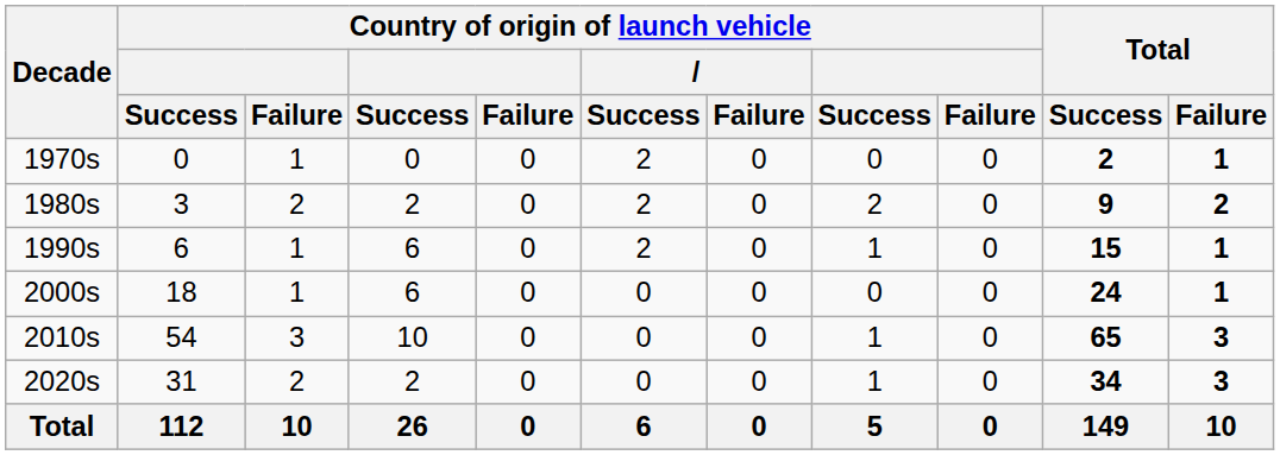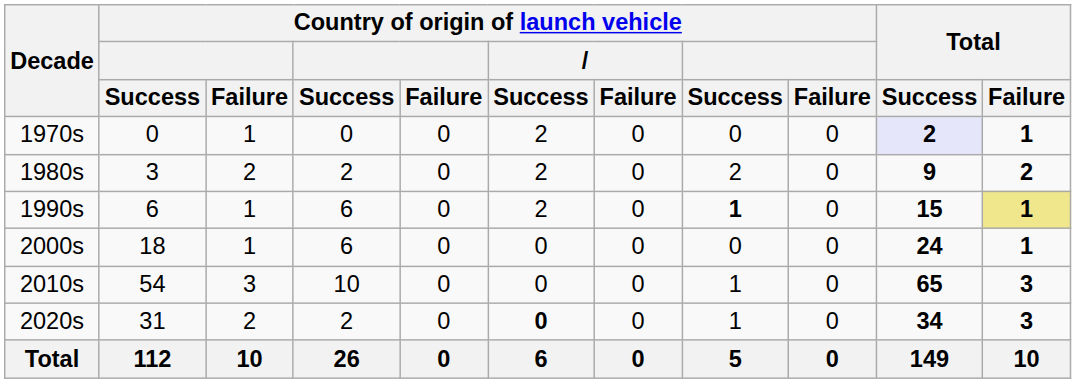 <table class="wikitable sortable sort-under" style="text-align:center">
 <tr>
 <th rowspan="3">Decade</th>
 <th colspan="8">Country of origin of <a href='#'>launch vehicle</a></th>
 <th rowspan="2" colspan="2">Total</th>
 </tr>
 <tr>
 <th colspan="2"></th>
 <th colspan="2"></th>
 <th colspan="2">/<br></th>
 <th colspan="2"></th>
 </tr>
 <tr>
 <th>Success</th>
 <th>Failure</th>
 <th>Success</th>
 <th>Failure</th>
 <th>Success</th>
 <th>Failure</th>
 <th>Success</th>
 <th>Failure</th>
 <th>Success</th>
 <th>Failure</th>
 </tr>
 <tr>
 <td>1970s</td>
 <td>0</td>
 <td>1</td>
 <td>0</td>
 <td>0</td>
 <td>2</td>
 <td>0</td>
 <td>0</td>
 <td>0</td>
-<td><strong>2</strong></td>
+<td style="background: lavender;"><strong>2</strong></td>
 <td><strong>1</strong></td>
 </tr>
 <tr>
 <td>1980s</td>
 <td>3</td>
 <td>2</td>
 <td>2</td>
 <td>0</td>
 <td>2</td>
 <td>0</td>
 <td>2</td>
 <td>0</td>
 <td><strong>9</strong></td>
 <td><strong>2</strong></td>
 </tr>
 <tr>
 <td>1990s</td>
 <td>6</td>
 <td>1</td>
 <td>6</td>
 <td>0</td>
 <td>2</td>
 <td>0</td>
-<td>1</td>
+<td><strong>1</strong></td>
 <td>0</td>
 <td><strong>15</strong></td>
-<td><strong>1</strong></td>
+<td style="background: khaki;"><strong>1</strong></td>
 </tr>
 <tr>
 <td>2000s</td>
 <td>18</td>
 <td>1</td>
 <td>6</td>
 <td>0</td>
 <td>0</td>
 <td>0</td>
 <td>0</td>
 <td>0</td>
 <td><strong>24</strong></td>
 <td><strong>1</strong></td>
 </tr>
 <tr>
 <td>2010s</td>
 <td>54</td>
 <td>3</td>
 <td>10</td>
 <td>0</td>
 <td>0</td>
 <td>0</td>
 <td>1</td>
 <td>0</td>
 <td><strong>65</strong></td>
 <td><strong>3</strong></td>
 </tr>
 <tr>
 <td>2020s</td>
 <td>31</td>
 <td>2</td>
 <td>2</td>
 <td>0</td>
-<td>0</td>
+<td><strong>0</strong></td>
 <td>0</td>
 <td>1</td>
 <td>0</td>
 <td><strong>34</strong></td>
 <td><strong>3</strong></td>
 </tr>
 <tr>
 <th>Total</th>
 <th>112</th>
 <th>10</th>
 <th>26</th>
 <th>0</th>
 <th>6</th>
 <th>0</th>
 <th>5</th>
 <th>0</th>
 <th>149</th>
 <th>10</th>
 </tr>
 </table>
